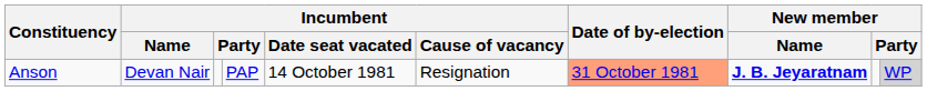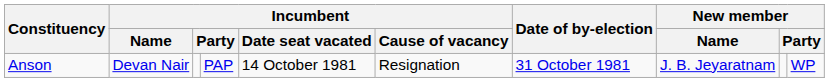 <table class="wikitable" border="1">
 <tr>
 <th rowspan="2">Constituency</th>
 <th colspan="5">Incumbent</th>
 <th rowspan="2">Date of by-election</th>
 <th colspan="3">New member</th>
 </tr>
 <tr>
 <th>Name</th>
 <th colspan="2">Party</th>
 <th>Date seat vacated</th>
 <th>Cause of vacancy</th>
 <th>Name</th>
 <th colspan="2">Party</th>
 </tr>
 <tr>
 <td><a href='#'>Anson</a></td>
 <td><a href='#'>Devan Nair</a></td>
 <td></td>
 <td><a href='#'>PAP</a></td>
 <td>14 October 1981</td>
 <td>Resignation</td>
-<td style="background: lightsalmon;"><a href='#'>31 October 1981</a></td>
-<td><strong><a href='#'>J. B. Jeyaratnam</a></strong></td>
+<td><a href='#'>31 October 1981</a></td>
+<td><a href='#'>J. B. Jeyaratnam</a></td>
 <td></td>
-<td style="background: lightgrey;"><a href='#'>WP</a></td>
+<td><a href='#'>WP</a></td>
 </tr>
 </table>
